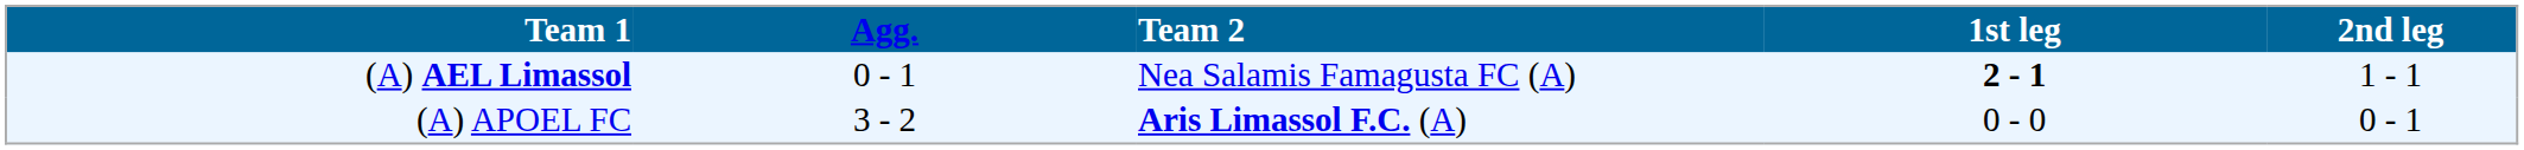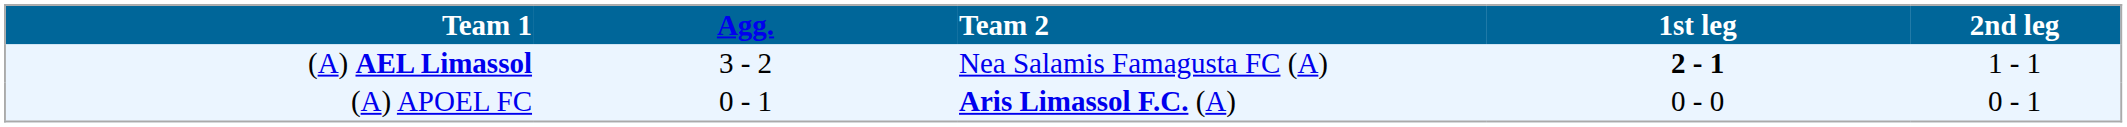 <table cellspacing="0" style="background: #EBF5FF; border: 1px #aaa solid; border-collapse: collapse; font-size: 95%;" width=70%>
 <tr bgcolor=#006699 style="color:white;">
 <th width=25% align="right">Team 1</th>
 <th width=20% align="center"><a href='#'>Agg.</a></th>
 <th width=25% align="left">Team 2</th>
 <th width=20% align="center">1st leg</th>
 <th width=20% align="center">2nd leg</th>
 </tr>
 <tr>
 <td align=right>(<a href='#'>A</a>) <strong><a href='#'>AEL Limassol</a></strong></td>
-<td align=center>0 - 1</td>
+<td align=center>3 - 2</td>
 <td align=left><a href='#'>Nea Salamis Famagusta FC</a> (<a href='#'>A</a>)</td>
 <td align=center><strong>2 - 1</strong></td>
 <td align=center>1 - 1</td>
 </tr>
 <tr>
 <td align=right>(<a href='#'>A</a>) <a href='#'>APOEL FC</a></td>
-<td align=center>3 - 2</td>
+<td align=center>0 - 1</td>
 <td align=left><strong><a href='#'>Aris Limassol F.C.</a></strong> (<a href='#'>A</a>)</td>
 <td align=center>0 - 0</td>
 <td align=center>0 - 1</td>
 </tr>
 <tr>
 </tr>
 </table>
